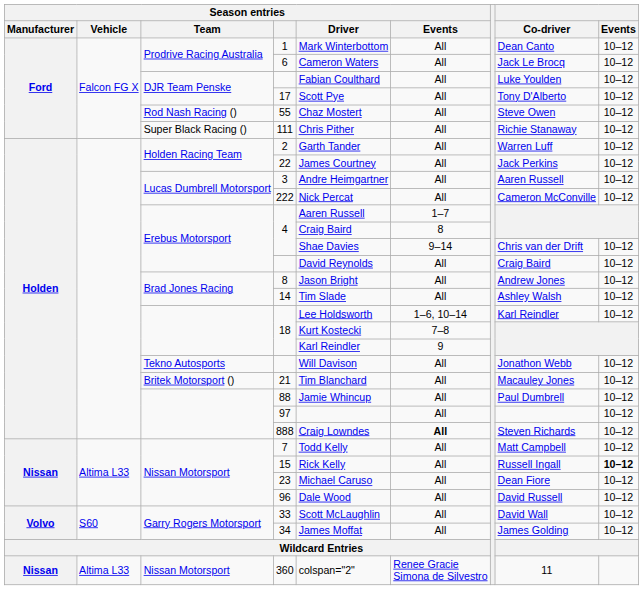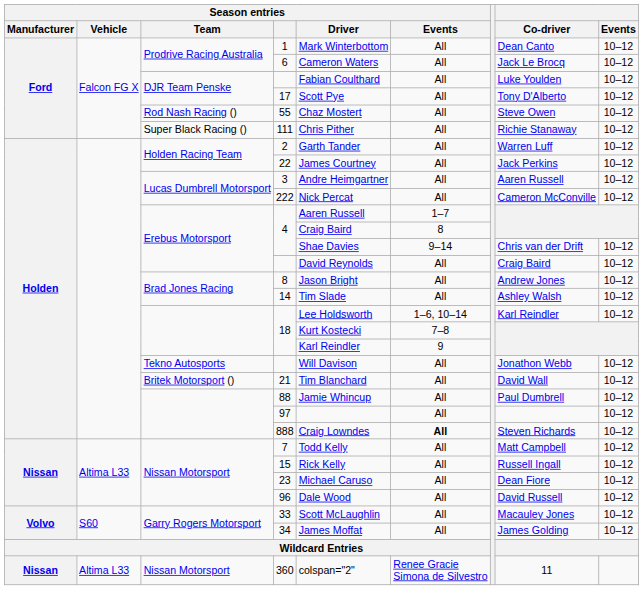 <table class="wikitable" style="font-size: 85%">
 <tr>
 <th colspan="6">Season entries</th>
 <th rowspan="40"></th>
 <th colspan="2"></th>
 </tr>
 <tr>
 <th>Manufacturer</th>
 <th>Vehicle</th>
 <th>Team</th>
 <th valign="middle"></th>
 <th>Driver</th>
 <th>Events</th>
 <th>Co-driver</th>
 <th>Events</th>
 </tr>
 <tr>
 <th rowspan="6"><a href='#'>Ford</a></th>
 <td rowspan="6"><a href='#'>Falcon FG X</a></td>
 <td rowspan="2"><a href='#'>Prodrive Racing Australia</a></td>
 <td align="middle">1</td>
 <td> <a href='#'>Mark Winterbottom</a></td>
 <td align="center">All</td>
 <td> <a href='#'>Dean Canto</a></td>
 <td align="center">10–12</td>
 </tr>
 <tr>
 <td align="middle">6</td>
 <td> <a href='#'>Cameron Waters</a></td>
 <td align="center">All</td>
 <td> <a href='#'>Jack Le Brocq</a></td>
 <td align="center">10–12</td>
 </tr>
 <tr>
 <td rowspan="2"><a href='#'>DJR Team Penske</a></td>
 <td align="middle"></td>
 <td> <a href='#'>Fabian Coulthard</a></td>
 <td align="center">All</td>
 <td> <a href='#'>Luke Youlden</a></td>
 <td align="center">10–12</td>
 </tr>
 <tr>
 <td align="middle">17</td>
 <td> <a href='#'>Scott Pye</a></td>
 <td align="center">All</td>
 <td> <a href='#'>Tony D'Alberto</a></td>
 <td align="center">10–12</td>
 </tr>
 <tr>
 <td><a href='#'>Rod Nash Racing</a> ()</td>
 <td align="middle">55</td>
 <td> <a href='#'>Chaz Mostert</a></td>
 <td align="center">All</td>
 <td> <a href='#'>Steve Owen</a></td>
 <td align="center">10–12</td>
 </tr>
 <tr>
 <td>Super Black Racing ()</td>
 <td align="middle">111</td>
 <td> <a href='#'>Chris Pither</a></td>
 <td align="center">All</td>
 <td> <a href='#'>Richie Stanaway</a></td>
 <td align="center">10–12</td>
 </tr>
 <tr>
 <th rowspan="18"><a href='#'>Holden</a></th>
 <td rowspan="18"></td>
 <td rowspan="2"><a href='#'>Holden Racing Team</a></td>
 <td align="middle">2</td>
 <td> <a href='#'>Garth Tander</a></td>
 <td align="center">All</td>
 <td> <a href='#'>Warren Luff</a></td>
 <td align="center">10–12</td>
 </tr>
 <tr>
 <td align="middle">22</td>
 <td> <a href='#'>James Courtney</a></td>
 <td align="center">All</td>
 <td> <a href='#'>Jack Perkins</a></td>
 <td align="center">10–12</td>
 </tr>
 <tr>
 <td rowspan="2"><a href='#'>Lucas Dumbrell Motorsport</a></td>
 <td align="middle">3</td>
 <td> <a href='#'>Andre Heimgartner</a></td>
 <td align="center">All</td>
 <td> <a href='#'>Aaren Russell</a></td>
 <td align="center">10–12</td>
 </tr>
 <tr>
 <td align="middle">222</td>
 <td> <a href='#'>Nick Percat</a></td>
 <td align="center">All</td>
 <td> <a href='#'>Cameron McConville</a></td>
 <td align="center">10–12</td>
 </tr>
 <tr>
 <td rowspan="4"><a href='#'>Erebus Motorsport</a></td>
 <td rowspan="3" align="middle">4</td>
 <td> <a href='#'>Aaren Russell</a></td>
 <td align="center">1–7</td>
 <th colspan=2 rowspan=2></th>
 </tr>
 <tr>
 <td> <a href='#'>Craig Baird</a></td>
 <td align="center">8</td>
 </tr>
 <tr>
 <td> <a href='#'>Shae Davies</a></td>
 <td align="center">9–14</td>
 <td> <a href='#'>Chris van der Drift</a></td>
 <td align="center">10–12</td>
 </tr>
 <tr>
 <td align="middle"></td>
 <td> <a href='#'>David Reynolds</a></td>
 <td align="center">All</td>
 <td> <a href='#'>Craig Baird</a></td>
 <td align="center">10–12</td>
 </tr>
 <tr>
 <td rowspan="2"><a href='#'>Brad Jones Racing</a></td>
 <td align="middle">8</td>
 <td> <a href='#'>Jason Bright</a></td>
 <td align="center">All</td>
 <td> <a href='#'>Andrew Jones</a></td>
 <td align="center">10–12</td>
 </tr>
 <tr>
 <td align="middle">14</td>
 <td> <a href='#'>Tim Slade</a></td>
 <td align="center">All</td>
 <td> <a href='#'>Ashley Walsh</a></td>
 <td align="center">10–12</td>
 </tr>
 <tr>
 <td rowspan="3"></td>
 <td rowspan="3" align="middle">18</td>
 <td> <a href='#'>Lee Holdsworth</a></td>
 <td align="center">1–6, 10–14</td>
 <td> <a href='#'>Karl Reindler</a></td>
 <td align="center">10–12</td>
 </tr>
 <tr>
 <td> <a href='#'>Kurt Kostecki</a></td>
 <td align="center">7–8</td>
 <th colspan=2 rowspan=2></th>
 </tr>
 <tr>
 <td> <a href='#'>Karl Reindler</a></td>
 <td align="center">9</td>
 </tr>
 <tr>
 <td><a href='#'>Tekno Autosports</a></td>
 <td align="middle"></td>
 <td> <a href='#'>Will Davison</a></td>
 <td align="center">All</td>
 <td> <a href='#'>Jonathon Webb</a></td>
 <td align="center">10–12</td>
 </tr>
 <tr>
 <td><a href='#'>Britek Motorsport</a> ()</td>
 <td align="middle">21</td>
 <td> <a href='#'>Tim Blanchard</a></td>
 <td align="center">All</td>
-<td> <a href='#'>Macauley Jones</a></td>
+<td> <a href='#'>David Wall</a></td>
 <td align="center">10–12</td>
 </tr>
 <tr>
 <td rowspan="3"></td>
 <td align="middle">88</td>
 <td> <a href='#'>Jamie Whincup</a></td>
 <td align="center">All</td>
 <td> <a href='#'>Paul Dumbrell</a></td>
 <td align="center">10–12</td>
 </tr>
 <tr>
 <td align="middle">97</td>
 <td style="padding-right:24px"></td>
 <td align="center">All</td>
 <td style="padding-right:24px"></td>
 <td align="center">10–12</td>
 </tr>
 <tr>
 <td align="middle">888</td>
 <td> <a href='#'>Craig Lowndes</a></td>
 <td align="center"><strong>All</strong></td>
 <td> <a href='#'>Steven Richards</a></td>
 <td align="center">10–12</td>
 </tr>
 <tr>
 <th rowspan=4><a href='#'>Nissan</a></th>
 <td rowspan="4"><a href='#'>Altima L33</a></td>
 <td rowspan="4"><a href='#'>Nissan Motorsport</a></td>
 <td align="middle">7</td>
 <td> <a href='#'>Todd Kelly</a></td>
 <td align="center">All</td>
 <td> <a href='#'>Matt Campbell</a></td>
 <td align="center">10–12</td>
 </tr>
 <tr>
 <td align="middle">15</td>
 <td> <a href='#'>Rick Kelly</a></td>
 <td align="center">All</td>
 <td> <a href='#'>Russell Ingall</a></td>
-<td align="center"><strong>10–12</strong></td>
+<td align="center">10–12</td>
 </tr>
 <tr>
 <td align="middle">23</td>
 <td> <a href='#'>Michael Caruso</a></td>
 <td align="center">All</td>
 <td> <a href='#'>Dean Fiore</a></td>
 <td align="center">10–12</td>
 </tr>
 <tr>
 <td align="middle">96</td>
 <td> <a href='#'>Dale Wood</a></td>
 <td align="center">All</td>
 <td> <a href='#'>David Russell</a></td>
 <td align="center">10–12</td>
 </tr>
 <tr>
 <th rowspan=2><a href='#'>Volvo</a></th>
 <td rowspan="2"><a href='#'>S60</a></td>
 <td rowspan="2"><a href='#'>Garry Rogers Motorsport</a></td>
 <td align="middle">33</td>
 <td> <a href='#'>Scott McLaughlin</a></td>
 <td align="center">All</td>
-<td> <a href='#'>David Wall</a></td>
+<td> <a href='#'>Macauley Jones</a></td>
 <td align="center">10–12</td>
 </tr>
 <tr>
 <td align="middle">34</td>
 <td> <a href='#'>James Moffat</a></td>
 <td align="center">All</td>
 <td> <a href='#'>James Golding</a></td>
 <td align="center">10–12</td>
 </tr>
 <tr>
 <th colspan="9" align="center">Wildcard Entries</th>
 </tr>
 <tr>
 <th><a href='#'>Nissan</a></th>
 <td><a href='#'>Altima L33</a></td>
 <td><a href='#'>Nissan Motorsport</a></td>
 <td>360</td>
 <td>colspan="2" </td>
 <td> <a href='#'>Renee Gracie</a><br> <a href='#'>Simona de Silvestro</a></td>
 <td align="center">11</td>
 </tr>
 </table>
